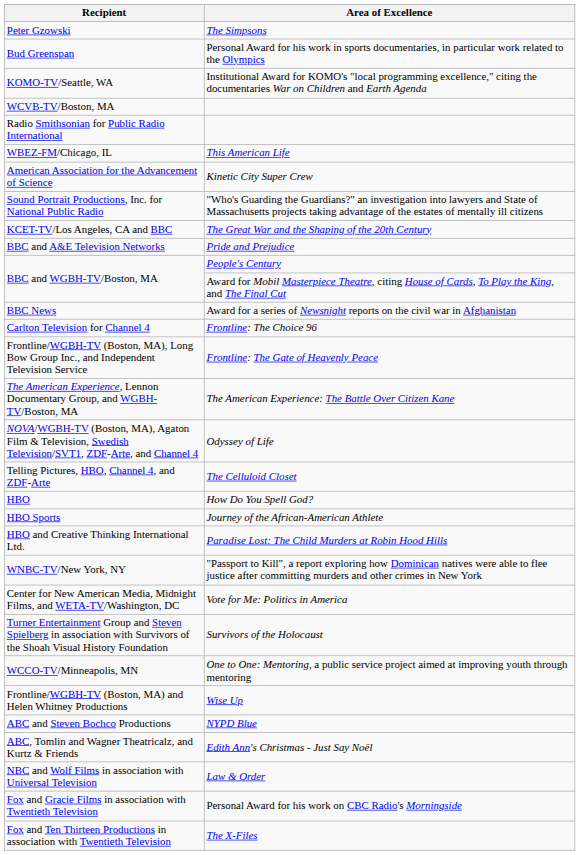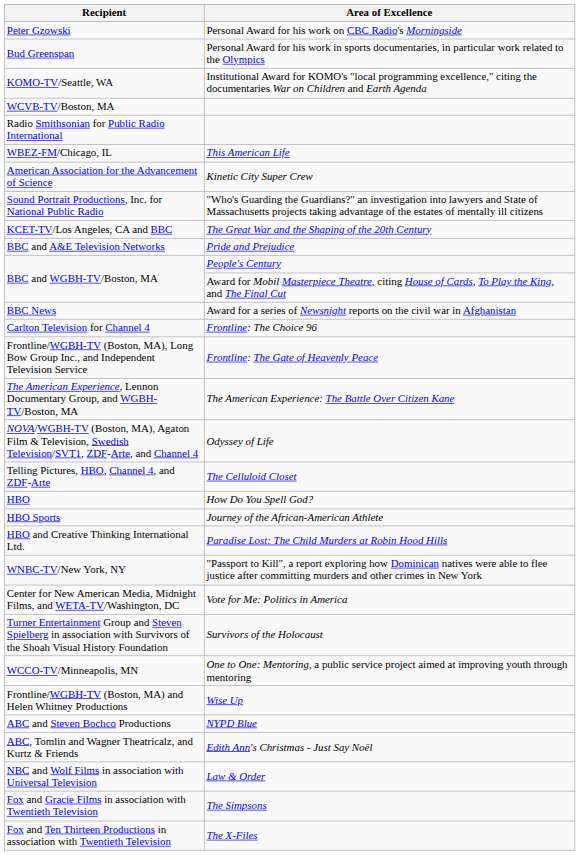 <table class="wikitable" style="width:95%">
 <tr bgcolor="#CCCCCC">
 <th width=35%>Recipient</th>
 <th width=65%>Area of Excellence</th>
 </tr>
 <tr>
 <td><a href='#'>Peter Gzowski</a></td>
-<td><em><a href='#'>The Simpsons</a></em></td>
+<td>Personal Award for his work on <a href='#'>CBC Radio</a>'s <em><a href='#'>Morningside</a></em></td>
 </tr>
 <tr>
 <td><a href='#'>Bud Greenspan</a></td>
 <td>Personal Award for his work in sports documentaries, in particular work related to the <a href='#'>Olympics</a></td>
 </tr>
 <tr>
 <td><a href='#'>KOMO-TV</a>/Seattle, WA</td>
 <td>Institutional Award for KOMO's "local programming excellence," citing the documentaries <em>War on Children</em> and <em>Earth Agenda</em></td>
 </tr>
 <tr>
 <td><a href='#'>WCVB-TV</a>/Boston, MA</td>
 <td><em></em></td>
 </tr>
 <tr>
 <td>Radio <a href='#'>Smithsonian</a> for <a href='#'>Public Radio International</a></td>
 <td><em></em></td>
 </tr>
 <tr>
 <td><a href='#'>WBEZ-FM</a>/Chicago, IL</td>
 <td><em><a href='#'>This American Life</a></em></td>
 </tr>
 <tr>
 <td><a href='#'>American Association for the Advancement of Science</a></td>
 <td><em>Kinetic City Super Crew</em></td>
 </tr>
 <tr>
 <td><a href='#'>Sound Portrait Productions</a>, Inc. for <a href='#'>National Public Radio</a></td>
 <td>"Who's Guarding the Guardians?" an investigation into lawyers and State of Massachusetts projects taking advantage of the estates of mentally ill citizens</td>
 </tr>
 <tr>
 <td><a href='#'>KCET-TV</a>/Los Angeles, CA and <a href='#'>BBC</a></td>
 <td><em><a href='#'>The Great War and the Shaping of the 20th Century</a></em></td>
 </tr>
 <tr>
 <td><a href='#'>BBC</a> and <a href='#'>A&E Television Networks</a></td>
 <td><em><a href='#'>Pride and Prejudice</a></em></td>
 </tr>
 <tr>
 <td rowspan="2"><a href='#'>BBC</a> and <a href='#'>WGBH-TV</a>/Boston, MA</td>
 <td><em><a href='#'>People's Century</a></em></td>
 </tr>
 <tr>
 <td>Award for <em>Mobil <a href='#'>Masterpiece Theatre</a></em>, citing <em><a href='#'>House of Cards</a></em>, <em><a href='#'>To Play the King</a></em>, and <em><a href='#'>The Final Cut</a></em></td>
 </tr>
 <tr>
 <td><a href='#'>BBC News</a></td>
 <td>Award for a series of <em><a href='#'>Newsnight</a></em> reports on the civil war in <a href='#'>Afghanistan</a></td>
 </tr>
 <tr>
 <td><a href='#'>Carlton Television</a> for <a href='#'>Channel 4</a></td>
 <td><em><a href='#'>Frontline</a>: The Choice 96</em></td>
 </tr>
 <tr>
 <td>Frontline/<a href='#'>WGBH-TV</a> (Boston, MA), Long Bow Group Inc., and Independent Television Service</td>
 <td><em><a href='#'>Frontline</a>: <a href='#'>The Gate of Heavenly Peace</a></em></td>
 </tr>
 <tr>
 <td><em><a href='#'>The American Experience</a></em>, Lennon Documentary Group, and <a href='#'>WGBH-TV</a>/Boston, MA</td>
 <td><em>The American Experience: <a href='#'>The Battle Over Citizen Kane</a></em></td>
 </tr>
 <tr>
 <td><em><a href='#'>NOVA</a></em>/<a href='#'>WGBH-TV</a> (Boston, MA), Agaton Film & Television, <a href='#'>Swedish Television</a>/<a href='#'>SVT1</a>, <a href='#'>ZDF</a>-<a href='#'>Arte</a>, and <a href='#'>Channel 4</a></td>
 <td><em>Odyssey of Life</em></td>
 </tr>
 <tr>
 <td>Telling Pictures, <a href='#'>HBO</a>, <a href='#'>Channel 4</a>, and <a href='#'>ZDF</a>-<a href='#'>Arte</a></td>
 <td><em><a href='#'>The Celluloid Closet</a></em></td>
 </tr>
 <tr>
 <td><a href='#'>HBO</a></td>
 <td><em>How Do You Spell God?</em></td>
 </tr>
 <tr>
 <td><a href='#'>HBO Sports</a></td>
 <td><em>Journey of the African-American Athlete</em></td>
 </tr>
 <tr>
 <td><a href='#'>HBO</a> and Creative Thinking International Ltd.</td>
 <td><em><a href='#'>Paradise Lost: The Child Murders at Robin Hood Hills</a></em></td>
 </tr>
 <tr>
 <td><a href='#'>WNBC-TV</a>/New York, NY</td>
 <td>"Passport to Kill", a report exploring how <a href='#'>Dominican</a> natives were able to flee justice after committing murders and other crimes in New York</td>
 </tr>
 <tr>
 <td>Center for New American Media, Midnight Films, and <a href='#'>WETA-TV</a>/Washington, DC</td>
 <td><em>Vote for Me: Politics in America</em></td>
 </tr>
 <tr>
 <td><a href='#'>Turner Entertainment</a> Group and <a href='#'>Steven Spielberg</a> in association with Survivors of the Shoah Visual History Foundation</td>
 <td><em>Survivors of the Holocaust</em></td>
 </tr>
 <tr>
 <td><a href='#'>WCCO-TV</a>/Minneapolis, MN</td>
 <td><em>One to One: Mentoring</em>, a public service project aimed at improving youth through mentoring</td>
 </tr>
 <tr>
 <td>Frontline/<a href='#'>WGBH-TV</a> (Boston, MA) and Helen Whitney Productions</td>
 <td><em><a href='#'>Wise Up</a></em></td>
 </tr>
 <tr>
 <td><a href='#'>ABC</a> and <a href='#'>Steven Bochco</a> Productions</td>
 <td><em><a href='#'>NYPD Blue</a></em></td>
 </tr>
 <tr>
 <td><a href='#'>ABC</a>, Tomlin and Wagner Theatricalz, and Kurtz & Friends</td>
 <td><em><a href='#'>Edith Ann</a>'s Christmas - Just Say Noël</em></td>
 </tr>
 <tr>
 <td><a href='#'>NBC</a> and <a href='#'>Wolf Films</a> in association with <a href='#'>Universal Television</a></td>
 <td><em><a href='#'>Law & Order</a></em></td>
 </tr>
 <tr>
 <td><a href='#'>Fox</a> and <a href='#'>Gracie Films</a> in association with <a href='#'>Twentieth Television</a></td>
-<td>Personal Award for his work on <a href='#'>CBC Radio</a>'s <em><a href='#'>Morningside</a></em></td>
+<td><em><a href='#'>The Simpsons</a></em></td>
 </tr>
 <tr>
 <td><a href='#'>Fox</a> and <a href='#'>Ten Thirteen Productions</a> in association with <a href='#'>Twentieth Television</a></td>
 <td><em><a href='#'>The X-Files</a></em></td>
 </tr>
 </table>
